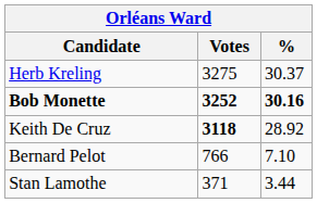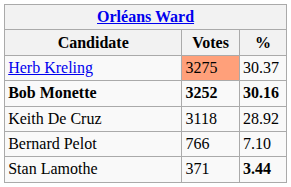 <table class="wikitable">
 <tr>
 <th colspan="3"><a href='#'>Orléans Ward</a></th>
 </tr>
 <tr>
 <th style="width: 170px">Candidate</th>
 <th style="width: 50px">Votes</th>
 <th style="width: 40px">%</th>
 </tr>
 <tr>
 <td><a href='#'>Herb Kreling</a></td>
-<td>3275</td>
+<td style="background: lightsalmon;">3275</td>
 <td>30.37</td>
 </tr>
 <tr>
 <td><strong>Bob Monette</strong></td>
 <td><strong>3252</strong></td>
 <td><strong>30.16</strong></td>
 </tr>
 <tr>
 <td>Keith De Cruz</td>
-<td><strong>3118</strong></td>
+<td>3118</td>
 <td>28.92</td>
 </tr>
 <tr>
 <td>Bernard Pelot</td>
 <td>766</td>
 <td>7.10</td>
 </tr>
 <tr>
 <td>Stan Lamothe</td>
 <td>371</td>
-<td>3.44</td>
+<td><strong>3.44</strong></td>
 </tr>
 </table>
